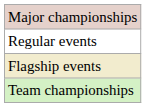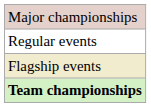 <table class=wikitable style="font-size:95%">
 <tr style="background:#e5d1cb;">
 <td>Major championships</td>
 </tr>
 <tr style="background:#fff;">
 <td>Regular events</td>
 </tr>
 <tr style="background:#f2ecce;">
 <td>Flagship events</td>
 </tr>
 <tr style="background:#D4F1C5;">
-<td>Team championships</td>
+<td><strong>Team championships</strong></td>
 </tr>
 </table>
